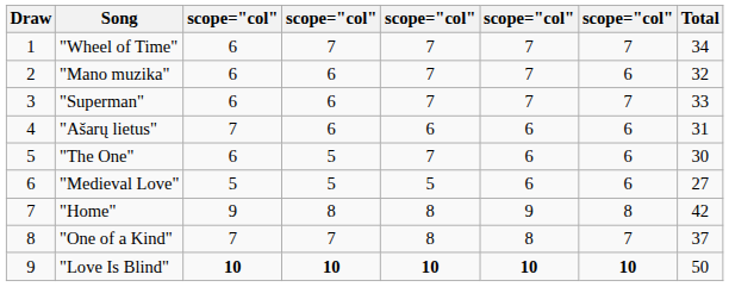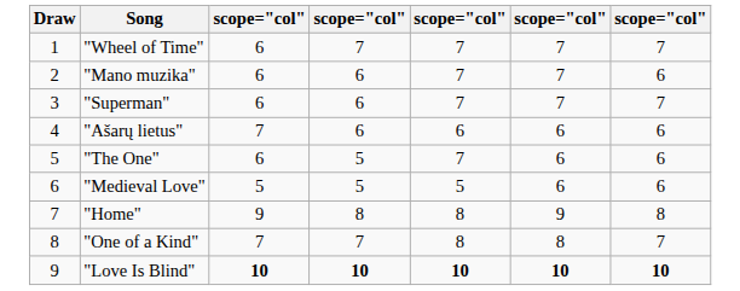 <table class="wikitable collapsible" style="margin: 1em auto 1em auto; text-align:center;">
 <tr>
 <th>Draw</th>
 <th>Song</th>
 <th>scope="col" </th>
 <th>scope="col" </th>
 <th>scope="col" </th>
 <th>scope="col" </th>
 <th>scope="col" </th>
-<th>Total</th>
 </tr>
 <tr>
 <td>1</td>
 <td align="left">"Wheel of Time"</td>
 <td>6</td>
 <td>7</td>
 <td>7</td>
 <td>7</td>
 <td>7</td>
-<td>34</td>
 </tr>
 <tr>
 <td>2</td>
 <td align="left">"Mano muzika"</td>
 <td>6</td>
 <td>6</td>
 <td>7</td>
 <td>7</td>
 <td>6</td>
-<td>32</td>
 </tr>
 <tr>
 <td>3</td>
 <td align="left">"Superman"</td>
 <td>6</td>
 <td>6</td>
 <td>7</td>
 <td>7</td>
 <td>7</td>
-<td>33</td>
 </tr>
 <tr>
 <td>4</td>
 <td align="left">"Ašarų lietus"</td>
 <td>7</td>
 <td>6</td>
 <td>6</td>
 <td>6</td>
 <td>6</td>
-<td>31</td>
 </tr>
 <tr>
 <td>5</td>
 <td align="left">"The One"</td>
 <td>6</td>
 <td>5</td>
 <td>7</td>
 <td>6</td>
 <td>6</td>
-<td>30</td>
 </tr>
 <tr>
 <td>6</td>
 <td align="left">"Medieval Love"</td>
 <td>5</td>
 <td>5</td>
 <td>5</td>
 <td>6</td>
 <td>6</td>
-<td>27</td>
 </tr>
 <tr>
 <td>7</td>
 <td align="left">"Home"</td>
 <td>9</td>
 <td>8</td>
 <td>8</td>
 <td>9</td>
 <td>8</td>
-<td>42</td>
 </tr>
 <tr>
 <td>8</td>
 <td align="left">"One of a Kind"</td>
 <td>7</td>
 <td>7</td>
 <td>8</td>
 <td>8</td>
 <td>7</td>
-<td>37</td>
 </tr>
 <tr>
 <td>9</td>
 <td align="left">"Love Is Blind"</td>
 <td><strong>10</strong></td>
 <td><strong>10</strong></td>
 <td><strong>10</strong></td>
 <td><strong>10</strong></td>
 <td><strong>10</strong></td>
-<td>50</td>
 </tr>
 </table>
